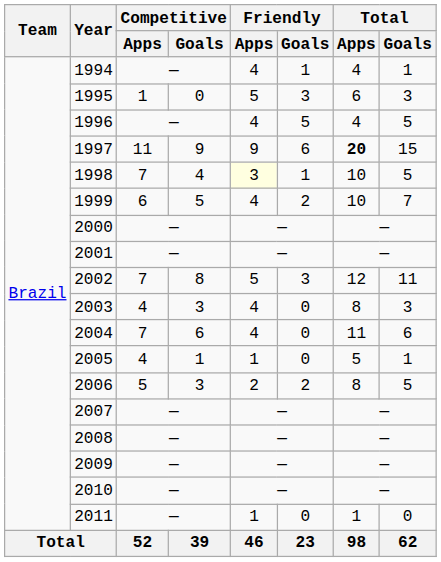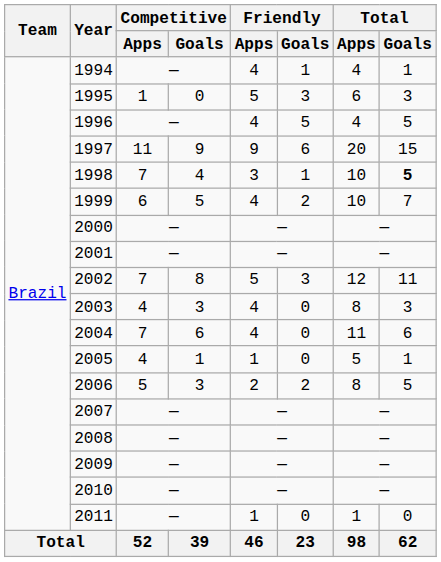 <table class="wikitable" style="text-align:center;">
 <tr>
 <th rowspan="2">Team</th>
 <th rowspan="2">Year</th>
 <th colspan="2">Competitive</th>
 <th colspan="2">Friendly</th>
 <th colspan="2">Total</th>
 </tr>
 <tr>
 <th>Apps</th>
 <th>Goals</th>
 <th>Apps</th>
 <th>Goals</th>
 <th>Apps</th>
 <th>Goals</th>
 </tr>
 <tr>
 <td rowspan="18"><a href='#'>Brazil</a></td>
 <td>1994</td>
 <td colspan="2">—</td>
 <td>4</td>
 <td>1</td>
 <td>4</td>
 <td>1</td>
 </tr>
 <tr>
 <td>1995</td>
 <td>1</td>
 <td>0</td>
 <td>5</td>
 <td>3</td>
 <td>6</td>
 <td>3</td>
 </tr>
 <tr>
 <td>1996</td>
 <td colspan="2">—</td>
 <td>4</td>
 <td>5</td>
 <td>4</td>
 <td>5</td>
 </tr>
 <tr>
 <td>1997</td>
 <td>11</td>
 <td>9</td>
 <td>9</td>
 <td>6</td>
-<td><strong>20</strong></td>
+<td>20</td>
 <td>15</td>
 </tr>
 <tr>
 <td>1998</td>
 <td>7</td>
 <td>4</td>
-<td style="background: lightyellow;">3</td>
+<td>3</td>
 <td>1</td>
 <td>10</td>
-<td>5</td>
+<td><strong>5</strong></td>
 </tr>
 <tr>
 <td>1999</td>
 <td>6</td>
 <td>5</td>
 <td>4</td>
 <td>2</td>
 <td>10</td>
 <td>7</td>
 </tr>
 <tr>
 <td>2000</td>
 <td colspan="2">—</td>
 <td colspan="2">—</td>
 <td colspan="2">—</td>
 </tr>
 <tr>
 <td>2001</td>
 <td colspan="2">—</td>
 <td colspan="2">—</td>
 <td colspan="2">—</td>
 </tr>
 <tr>
 <td>2002</td>
 <td>7</td>
 <td>8</td>
 <td>5</td>
 <td>3</td>
 <td>12</td>
 <td>11</td>
 </tr>
 <tr>
 <td>2003</td>
 <td>4</td>
 <td>3</td>
 <td>4</td>
 <td>0</td>
 <td>8</td>
 <td>3</td>
 </tr>
 <tr>
 <td>2004</td>
 <td>7</td>
 <td>6</td>
 <td>4</td>
 <td>0</td>
 <td>11</td>
 <td>6</td>
 </tr>
 <tr>
 <td>2005</td>
 <td>4</td>
 <td>1</td>
 <td>1</td>
 <td>0</td>
 <td>5</td>
 <td>1</td>
 </tr>
 <tr>
 <td>2006</td>
 <td>5</td>
 <td>3</td>
 <td>2</td>
 <td>2</td>
 <td>8</td>
 <td>5</td>
 </tr>
 <tr>
 <td>2007</td>
 <td colspan="2">—</td>
 <td colspan="2">—</td>
 <td colspan="2">—</td>
 </tr>
 <tr>
 <td>2008</td>
 <td colspan="2">—</td>
 <td colspan="2">—</td>
 <td colspan="2">—</td>
 </tr>
 <tr>
 <td>2009</td>
 <td colspan="2">—</td>
 <td colspan="2">—</td>
 <td colspan="2">—</td>
 </tr>
 <tr>
 <td>2010</td>
 <td colspan="2">—</td>
 <td colspan="2">—</td>
 <td colspan="2">—</td>
 </tr>
 <tr>
 <td>2011</td>
 <td colspan="2">—</td>
 <td>1</td>
 <td>0</td>
 <td>1</td>
 <td>0</td>
 </tr>
 <tr>
 <th colspan="2">Total</th>
 <th>52</th>
 <th>39</th>
 <th>46</th>
 <th>23</th>
 <th>98</th>
 <th>62</th>
 </tr>
 </table>
